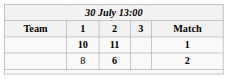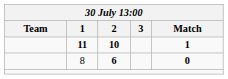 <table class=wikitable style="text-align:center; width: 55%">
 <tr>
 <th colspan=10><em>30 July 13:00</em></th>
 </tr>
 <tr>
 <th>Team</th>
 <th>1</th>
 <th>2</th>
 <th>3</th>
 <th>Match</th>
 </tr>
 <tr>
 <td align=left><strong><br></strong></td>
+<td><strong>11</strong></td>
 <td><strong>10</strong></td>
-<td><strong>11</strong></td>
 <td></td>
 <td><strong>1</strong></td>
 </tr>
 <tr>
 <td align=left><br></td>
 <td>8</td>
 <td><strong>6</strong></td>
 <td></td>
-<td><strong>2</strong></td>
+<td><strong>0</strong></td>
 </tr>
 <tr>
 <td colspan=10></td>
 </tr>
 </table>
